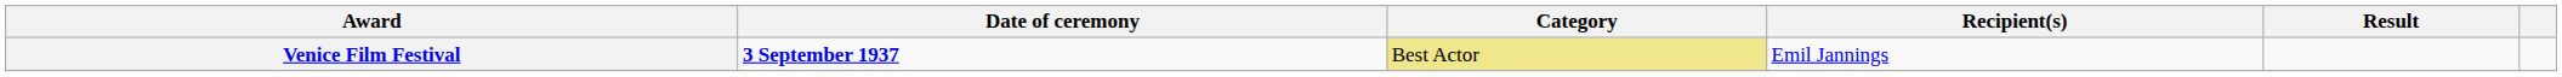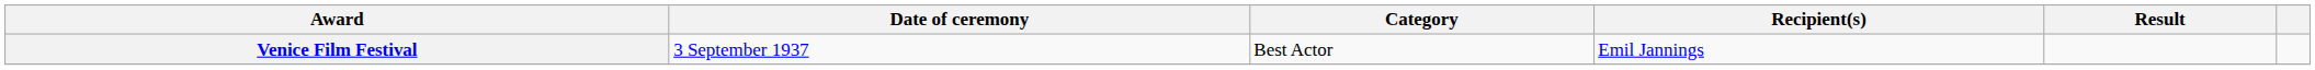 <table class="wikitable sortable plainrowheaders" style="width: 100%;">
 <tr>
 <th scope="col">Award</th>
 <th scope="col">Date of ceremony</th>
 <th scope="col">Category</th>
 <th scope="col">Recipient(s)</th>
 <th scope="col">Result</th>
 <th scope="col" class="unsortable"></th>
 </tr>
 <tr>
 <th><a href='#'>Venice Film Festival</a></th>
-<td><strong><a href='#'>3 September 1937</a></strong></td>
-<td style="background: khaki;">Best Actor</td>
+<td><a href='#'>3 September 1937</a></td>
+<td>Best Actor</td>
 <td><a href='#'>Emil Jannings</a></td>
 <td></td>
 <td></td>
 </tr>
 <tr>
 </tr>
 </table>
